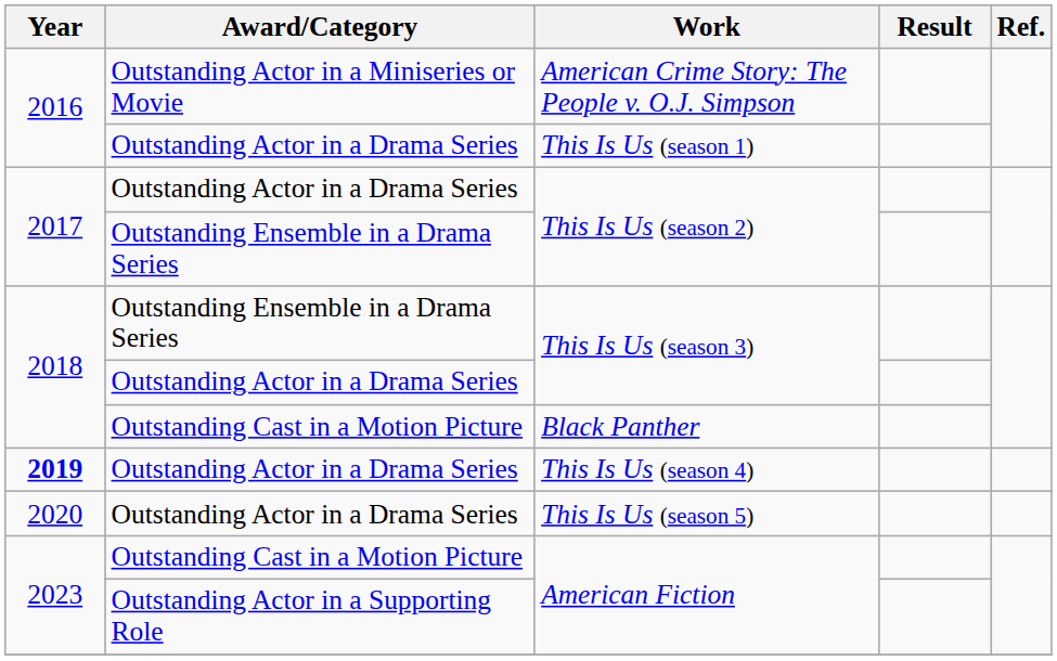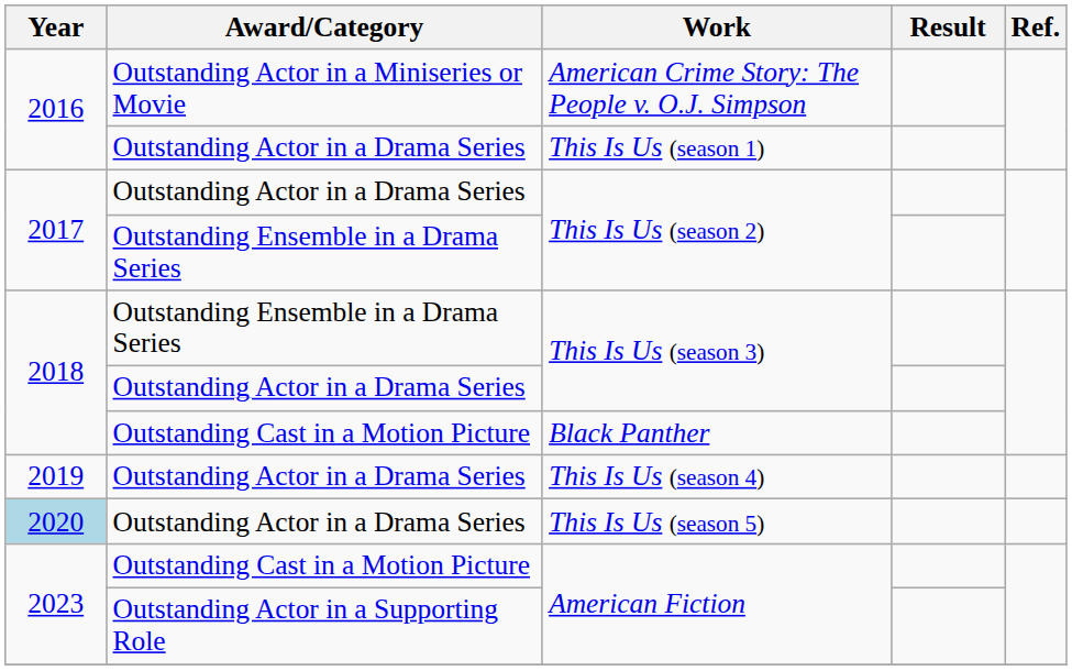 <table class=wikitable>
 <tr>
 <th scope="col" style="width:5em;">Year</th>
 <th scope="col" style="width:28em;">Award/Category</th>
 <th scope="col" style="width:25em;">Work</th>
 <th scope="col" style="width:5em;">Result</th>
 <th>Ref.</th>
 </tr>
 <tr>
 <td style="text-align:center;", rowspan="2"><a href='#'>2016</a></td>
 <td><a href='#'>Outstanding Actor in a Miniseries or Movie</a></td>
 <td><em><a href='#'>American Crime Story: The People v. O.J. Simpson</a></em></td>
 <td></td>
 <td rowspan="2"></td>
 </tr>
 <tr>
 <td rowspan="1"><a href='#'>Outstanding Actor in a Drama Series</a></td>
 <td><em><a href='#'>This Is Us</a></em> <small> (<a href='#'>season 1</a>) </small></td>
 <td></td>
 </tr>
 <tr>
 <td style="text-align:center;", rowspan="2"><a href='#'>2017</a></td>
 <td>Outstanding Actor in a Drama Series</td>
 <td rowspan=2><em><a href='#'>This Is Us</a></em> <small> (<a href='#'>season 2</a>) </small></td>
 <td></td>
 <td rowspan="2"></td>
 </tr>
 <tr>
 <td rowspan="1"><a href='#'>Outstanding Ensemble in a Drama Series</a></td>
 <td></td>
 </tr>
 <tr>
 <td style="text-align:center;", rowspan="3"><a href='#'>2018</a></td>
 <td>Outstanding Ensemble in a Drama Series</td>
 <td rowspan=2><em><a href='#'>This Is Us</a></em> <small> (<a href='#'>season 3</a>) </small></td>
 <td></td>
 <td rowspan="3"></td>
 </tr>
 <tr>
 <td><a href='#'>Outstanding Actor in a Drama Series</a></td>
 <td></td>
 </tr>
 <tr>
 <td><a href='#'>Outstanding Cast in a Motion Picture</a></td>
 <td><em><a href='#'>Black Panther</a></em></td>
 <td></td>
 </tr>
 <tr>
-<td style="text-align:center;"><strong><a href='#'>2019</a></strong></td>
+<td style="text-align:center;"><a href='#'>2019</a></td>
 <td rowspan=1><a href='#'>Outstanding Actor in a Drama Series</a></td>
 <td><em><a href='#'>This Is Us</a></em> <small> (<a href='#'>season 4</a>) </small></td>
 <td></td>
 <td></td>
 </tr>
 <tr>
-<td style="text-align:center;"><a href='#'>2020</a></td>
+<td style="background: lightblue; text-align:center;"><a href='#'>2020</a></td>
 <td>Outstanding Actor in a Drama Series</td>
 <td><em><a href='#'>This Is Us</a></em> <small> (<a href='#'>season 5</a>) </small></td>
 <td></td>
 <td></td>
 </tr>
 <tr>
 <td rowspan=2, style="text-align:center;"><a href='#'>2023</a></td>
 <td><a href='#'>Outstanding Cast in a Motion Picture</a></td>
 <td rowspan=2><em><a href='#'>American Fiction</a></em></td>
 <td></td>
 <td rowspan="2"></td>
 </tr>
 <tr>
 <td><a href='#'>Outstanding Actor in a Supporting Role</a></td>
 <td></td>
 </tr>
 <tr>
 </tr>
 </table>
